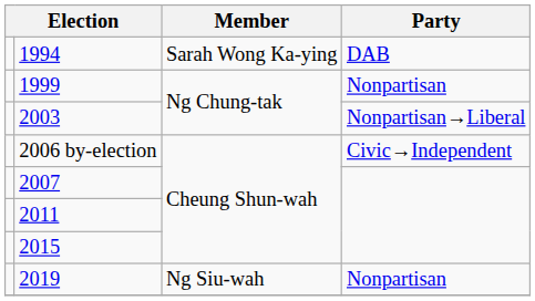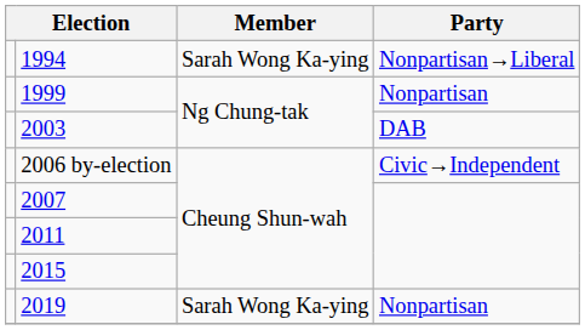 <table class="wikitable">
 <tr>
 <th colspan="2">Election</th>
 <th>Member</th>
 <th>Party</th>
 </tr>
 <tr>
 <td style="background-color:"></td>
 <td><a href='#'>1994</a></td>
 <td>Sarah Wong Ka-ying</td>
-<td><a href='#'>DAB</a></td>
+<td><a href='#'>Nonpartisan</a>→<a href='#'>Liberal</a></td>
 </tr>
 <tr>
 <td style="background-color:"></td>
 <td><a href='#'>1999</a></td>
 <td rowspan=2>Ng Chung-tak</td>
 <td><a href='#'>Nonpartisan</a></td>
 </tr>
 <tr>
 <td style="background-color:"></td>
 <td><a href='#'>2003</a></td>
-<td><a href='#'>Nonpartisan</a>→<a href='#'>Liberal</a></td>
+<td><a href='#'>DAB</a></td>
 </tr>
 <tr>
 <td style="background-color:"></td>
 <td>2006 by-election</td>
 <td rowspan=4>Cheung Shun-wah</td>
 <td><a href='#'>Civic</a>→<a href='#'>Independent</a></td>
 </tr>
 <tr>
 <td style="background-color:"></td>
 <td><a href='#'>2007</a></td>
 </tr>
 <tr>
 <td style="background-color:"></td>
 <td><a href='#'>2011</a></td>
 </tr>
 <tr>
 <td style="background-color:"></td>
 <td><a href='#'>2015</a></td>
 </tr>
 <tr>
 <td style="background-color:"></td>
 <td><a href='#'>2019</a></td>
-<td>Ng Siu-wah</td>
+<td>Sarah Wong Ka-ying</td>
 <td><a href='#'>Nonpartisan</a></td>
 </tr>
 <tr>
 </tr>
 </table>
